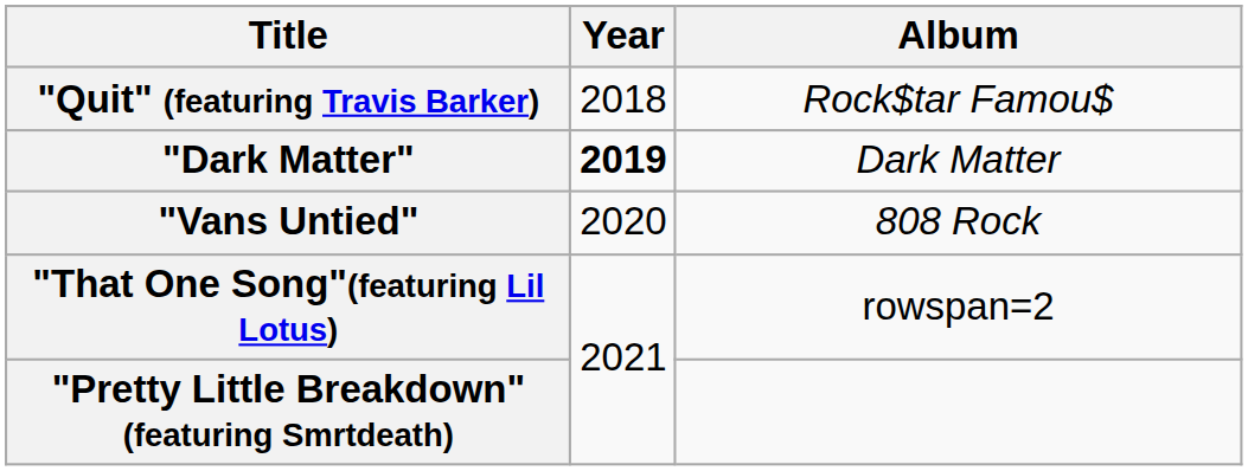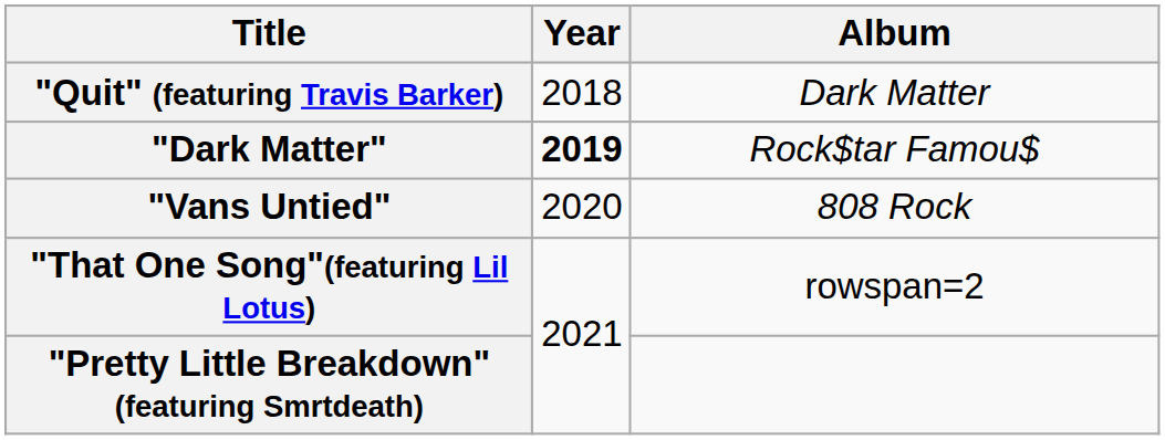 <table class="wikitable plainrowheaders" style="text-align:center;">
 <tr>
 <th scope="col" style="width:14em;">Title</th>
 <th scope="col" style="width:1em;">Year</th>
 <th scope="col" style="width:14em;">Album</th>
 </tr>
 <tr>
 <th scope="row">"Quit" <small>(featuring <a href='#'>Travis Barker</a>)</small></th>
 <td rowspan=1>2018</td>
-<td rowspan=1><em>Rock$tar Famou$</em></td>
+<td rowspan=1><em>Dark Matter</em></td>
 </tr>
 <tr>
 <th scope="row">"Dark Matter"</th>
 <td rowspan=1><strong>2019</strong></td>
-<td rowspan=1><em>Dark Matter</em></td>
+<td rowspan=1><em>Rock$tar Famou$</em></td>
 </tr>
 <tr>
 <th scope="row">"Vans Untied"</th>
 <td rowspan=1>2020</td>
 <td rowspan=1><em>808 Rock</em></td>
 </tr>
 <tr>
 <th scope="row">"That One Song"<small>(featuring <a href='#'>Lil Lotus</a>)</small></th>
 <td rowspan=2>2021</td>
 <td>rowspan=2 </td>
 </tr>
 <tr>
 <th scope= "row">"Pretty Little Breakdown" <small>(featuring Smrtdeath)</small></th>
 </tr>
 </table>
